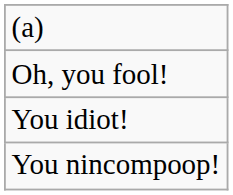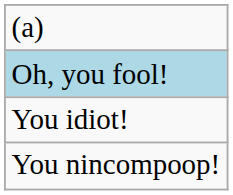 <table class="wikitable">
 <tr>
 <td>(a) </td>
 </tr>
 <tr>
-<td>Oh, you fool!</td>
+<td style="background: lightblue;">Oh, you fool!</td>
 </tr>
 <tr>
 <td>You idiot!</td>
 </tr>
 <tr>
 <td>You nincompoop!</td>
 </tr>
 </table>
